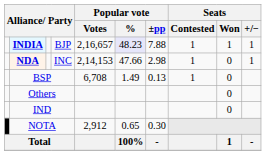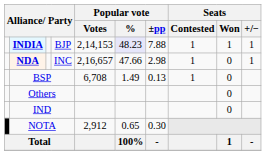 <table class="wikitable sortable" style="text-align:center;">
 <tr>
 <th colspan="4" rowspan="2">Alliance/ Party</th>
 <th colspan="3">Popular vote</th>
 <th colspan="3">Seats</th>
 </tr>
 <tr>
 <th>Votes</th>
 <th>%</th>
 <th>±<a href='#'>pp</a></th>
 <th>Contested</th>
 <th>Won</th>
 <th><strong>+/−</strong></th>
 </tr>
 <tr>
 <td></td>
 <th style="background:#E5F8FF"><a href='#'>INDIA</a></th>
 <td></td>
 <td><a href='#'>BJP</a></td>
-<td>2,16,657</td>
+<td>2,14,153</td>
 <td style="background: lavender;">48.23</td>
 <td> 7.88</td>
 <td>1</td>
 <td>1</td>
 <td> 1</td>
 </tr>
 <tr>
 <td></td>
 <td style="background:#fef3e8"><strong><a href='#'>NDA</a></strong></td>
 <td></td>
 <td><a href='#'>INC</a></td>
-<td>2,14,153</td>
+<td>2,16,657</td>
 <td>47.66</td>
 <td> 2.98</td>
 <td>1</td>
 <td>0</td>
 <td> 1</td>
 </tr>
 <tr>
 <td></td>
 <td colspan="3"><a href='#'>BSP</a></td>
 <td>6,708</td>
 <td>1.49</td>
 <td> 0.13</td>
 <td>1</td>
 <td>0</td>
 <td></td>
 </tr>
 <tr>
 <td></td>
 <td colspan=3><a href='#'>Others</a></td>
 <td></td>
 <td></td>
 <td></td>
 <td></td>
 <td>0</td>
 <td></td>
 </tr>
 <tr>
 <td></td>
 <td colspan=3><a href='#'>IND</a></td>
 <td></td>
 <td></td>
 <td></td>
 <td></td>
 <td>0</td>
 <td></td>
 </tr>
 <tr>
 <td bgcolor="Black"></td>
 <td colspan=3><a href='#'>NOTA</a></td>
 <td>2,912</td>
 <td>0.65</td>
 <td> 0.30</td>
 <th colspan="3" style="background-color:#E9E9E9"></th>
 </tr>
 <tr>
 <th colspan="4">Total</th>
 <th></th>
 <th>100%</th>
 <th>-</th>
 <th></th>
 <th>1</th>
 <th>-</th>
 </tr>
 <tr>
 </tr>
 </table>
